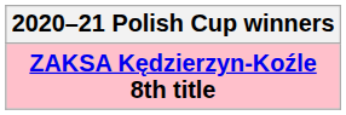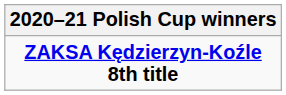 <table class=wikitable style="text-align:center; margin:auto">
 <tr>
 <th>2020–21 Polish Cup winners</th>
 </tr>
 <tr>
-<td style="background: pink;"><strong><a href='#'>ZAKSA Kędzierzyn-Koźle</a></strong><br><strong>8th title</strong></td>
+<td><strong><a href='#'>ZAKSA Kędzierzyn-Koźle</a></strong><br><strong>8th title</strong></td>
 </tr>
 </table>
